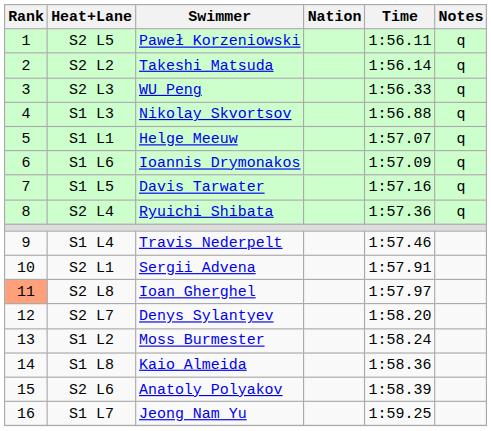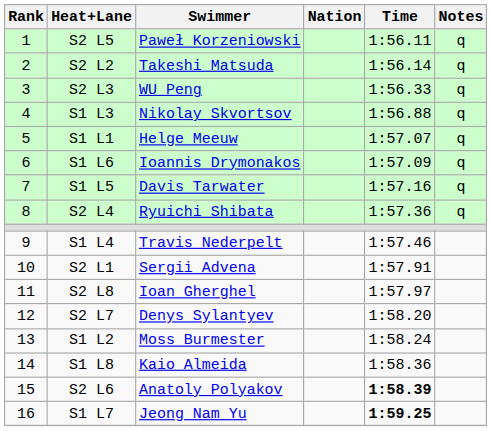 <table class="wikitable sortable" style="text-align:center">
 <tr>
 <th>Rank</th>
 <th>Heat+Lane</th>
 <th>Swimmer</th>
 <th>Nation</th>
 <th>Time</th>
 <th>Notes</th>
 </tr>
 <tr bgcolor=ccffcc>
 <td>1</td>
 <td>S2 L5</td>
 <td align=left><a href='#'>Paweł Korzeniowski</a></td>
 <td align=left></td>
 <td>1:56.11</td>
 <td>q</td>
 </tr>
 <tr bgcolor=ccffcc>
 <td>2</td>
 <td>S2 L2</td>
 <td align=left><a href='#'>Takeshi Matsuda</a></td>
 <td align=left></td>
 <td>1:56.14</td>
 <td>q</td>
 </tr>
 <tr bgcolor=ccffcc>
 <td>3</td>
 <td>S2 L3</td>
 <td align=left><a href='#'>WU Peng</a></td>
 <td align=left></td>
 <td>1:56.33</td>
 <td>q</td>
 </tr>
 <tr bgcolor=ccffcc>
 <td>4</td>
 <td>S1 L3</td>
 <td align=left><a href='#'>Nikolay Skvortsov</a></td>
 <td align=left></td>
 <td>1:56.88</td>
 <td>q</td>
 </tr>
 <tr bgcolor=ccffcc>
 <td>5</td>
 <td>S1 L1</td>
 <td align=left><a href='#'>Helge Meeuw</a></td>
 <td align=left></td>
 <td>1:57.07</td>
 <td>q</td>
 </tr>
 <tr bgcolor=ccffcc>
 <td>6</td>
 <td>S1 L6</td>
 <td align=left><a href='#'>Ioannis Drymonakos</a></td>
 <td align=left></td>
 <td>1:57.09</td>
 <td>q</td>
 </tr>
 <tr bgcolor=ccffcc>
 <td>7</td>
 <td>S1 L5</td>
 <td align=left><a href='#'>Davis Tarwater</a></td>
 <td align=left></td>
 <td>1:57.16</td>
 <td>q</td>
 </tr>
 <tr bgcolor=ccffcc>
 <td>8</td>
 <td>S2 L4</td>
 <td align=left><a href='#'>Ryuichi Shibata</a></td>
 <td align=left></td>
 <td>1:57.36</td>
 <td>q</td>
 </tr>
 <tr bgcolor=#DDDDDD>
 <td colspan=7></td>
 </tr>
 <tr>
 <td>9</td>
 <td>S1 L4</td>
 <td align=left><a href='#'>Travis Nederpelt</a></td>
 <td align=left></td>
 <td>1:57.46</td>
 <td></td>
 </tr>
 <tr>
 <td>10</td>
 <td>S2 L1</td>
 <td align=left><a href='#'>Sergii Advena</a></td>
 <td align=left></td>
 <td>1:57.91</td>
 <td></td>
 </tr>
 <tr>
-<td style="background: lightsalmon;">11</td>
+<td>11</td>
 <td>S2 L8</td>
 <td align=left><a href='#'>Ioan Gherghel</a></td>
 <td align=left></td>
 <td>1:57.97</td>
 <td></td>
 </tr>
 <tr>
 <td>12</td>
 <td>S2 L7</td>
 <td align=left><a href='#'>Denys Sylantyev</a></td>
 <td align=left></td>
 <td>1:58.20</td>
 <td></td>
 </tr>
 <tr>
 <td>13</td>
 <td>S1 L2</td>
 <td align=left><a href='#'>Moss Burmester</a></td>
 <td align=left></td>
 <td>1:58.24</td>
 <td></td>
 </tr>
 <tr>
 <td>14</td>
 <td>S1 L8</td>
 <td align=left><a href='#'>Kaio Almeida</a></td>
 <td align=left></td>
 <td>1:58.36</td>
 <td></td>
 </tr>
 <tr>
 <td>15</td>
 <td>S2 L6</td>
 <td align=left><a href='#'>Anatoly Polyakov</a></td>
 <td align=left></td>
-<td>1:58.39</td>
+<td><strong>1:58.39</strong></td>
 <td></td>
 </tr>
 <tr>
 <td>16</td>
 <td>S1 L7</td>
 <td align=left><a href='#'>Jeong Nam Yu</a></td>
 <td align=left></td>
-<td>1:59.25</td>
+<td><strong>1:59.25</strong></td>
 <td></td>
 </tr>
 <tr>
 </tr>
 </table>
